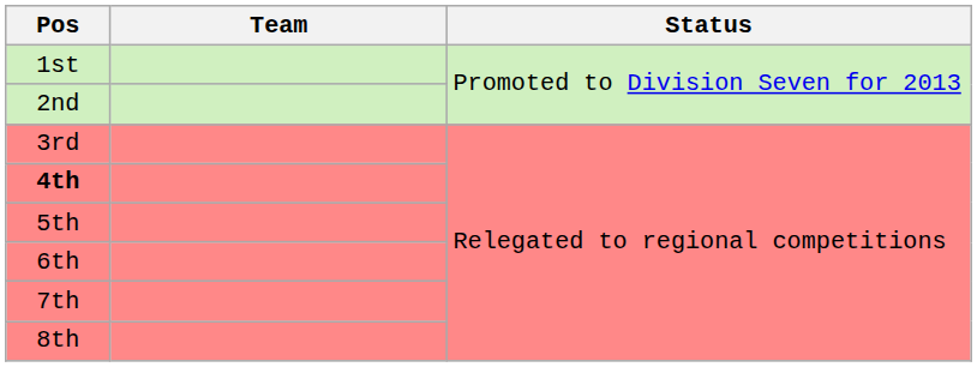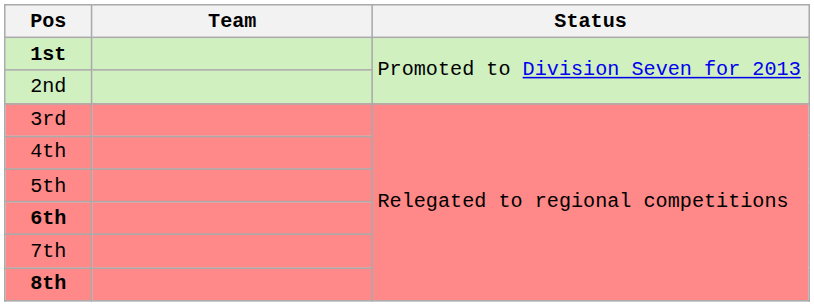 <table class="wikitable">
 <tr>
 <th width=50>Pos</th>
 <th width=175>Team</th>
 <th width=275>Status</th>
 </tr>
 <tr style="background:#D0F0C0">
-<td align="center">1st</td>
+<td align="center"><strong>1st</strong></td>
 <td></td>
 <td rowspan=2>Promoted to <a href='#'>Division Seven for 2013</a></td>
 </tr>
 <tr style="background:#D0F0C0">
 <td align="center">2nd</td>
 <td></td>
 </tr>
 <tr style="background: #FF8888">
 <td align="center">3rd</td>
 <td></td>
 <td rowspan=6>Relegated to regional competitions</td>
 </tr>
 <tr style="background:#FF8888">
-<td align="center"><strong>4th</strong></td>
+<td align="center">4th</td>
 <td></td>
 </tr>
 <tr style="background:#FF8888">
 <td align="center">5th</td>
 <td></td>
 </tr>
 <tr style="background:#FF8888">
-<td align="center">6th</td>
+<td align="center"><strong>6th</strong></td>
 <td></td>
 </tr>
 <tr style="background:#FF8888">
 <td align="center">7th</td>
 <td></td>
 </tr>
 <tr style="background:#FF8888">
-<td align="center">8th</td>
+<td align="center"><strong>8th</strong></td>
 <td></td>
 </tr>
 </table>
